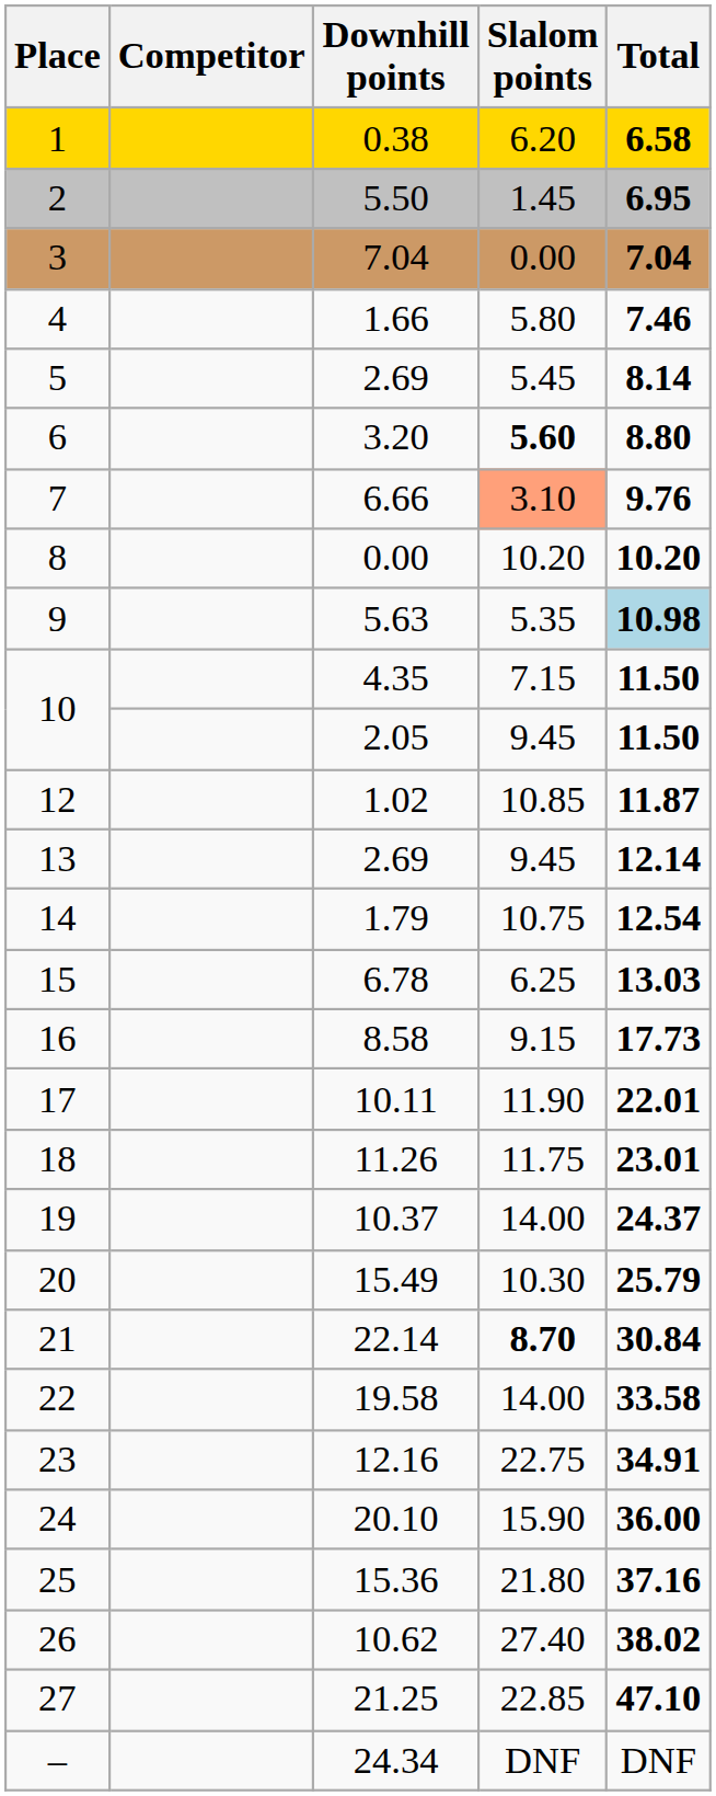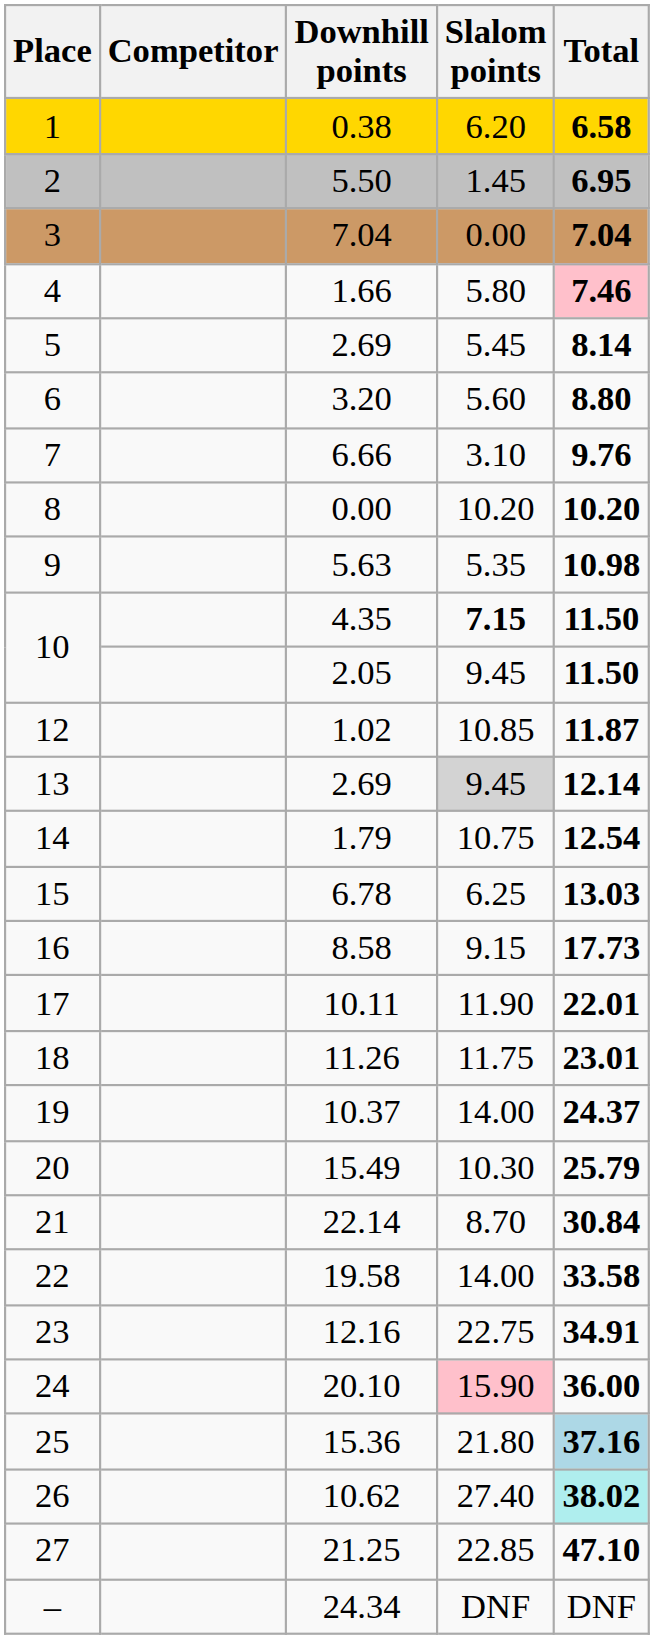 <table class=wikitable style="text-align:center">
 <tr>
 <th>Place</th>
 <th>Competitor</th>
 <th>Downhill<br>points</th>
 <th>Slalom<br>points</th>
 <th>Total</th>
 </tr>
 <tr bgcolor=gold>
 <td>1</td>
 <td align=left></td>
 <td>0.38</td>
 <td>6.20</td>
 <td><strong>6.58</strong></td>
 </tr>
 <tr bgcolor=silver>
 <td>2</td>
 <td align=left></td>
 <td>5.50</td>
 <td>1.45</td>
 <td><strong>6.95</strong></td>
 </tr>
 <tr bgcolor=cc9966>
 <td>3</td>
 <td align=left></td>
 <td>7.04</td>
 <td>0.00</td>
 <td><strong>7.04</strong></td>
 </tr>
 <tr>
 <td>4</td>
 <td align=left></td>
 <td>1.66</td>
 <td>5.80</td>
-<td><strong>7.46</strong></td>
+<td style="background: pink;"><strong>7.46</strong></td>
 </tr>
 <tr>
 <td>5</td>
 <td align=left></td>
 <td>2.69</td>
 <td>5.45</td>
 <td><strong>8.14</strong></td>
 </tr>
 <tr>
 <td>6</td>
 <td align=left></td>
 <td>3.20</td>
-<td><strong>5.60</strong></td>
+<td>5.60</td>
 <td><strong>8.80</strong></td>
 </tr>
 <tr>
 <td>7</td>
 <td align=left></td>
 <td>6.66</td>
-<td style="background: lightsalmon;">3.10</td>
+<td>3.10</td>
 <td><strong>9.76</strong></td>
 </tr>
 <tr>
 <td>8</td>
 <td align=left></td>
 <td>0.00</td>
 <td>10.20</td>
 <td><strong>10.20</strong></td>
 </tr>
 <tr>
 <td>9</td>
 <td align=left></td>
 <td>5.63</td>
 <td>5.35</td>
-<td style="background: lightblue;"><strong>10.98</strong></td>
+<td><strong>10.98</strong></td>
 </tr>
 <tr>
 <td rowspan=2>10</td>
 <td align=left></td>
 <td>4.35</td>
-<td>7.15</td>
+<td><strong>7.15</strong></td>
 <td><strong>11.50</strong></td>
 </tr>
 <tr>
 <td align=left></td>
 <td>2.05</td>
 <td>9.45</td>
 <td><strong>11.50</strong></td>
 </tr>
 <tr>
 <td>12</td>
 <td align=left></td>
 <td>1.02</td>
 <td>10.85</td>
 <td><strong>11.87</strong></td>
 </tr>
 <tr>
 <td>13</td>
 <td align=left></td>
 <td>2.69</td>
-<td>9.45</td>
+<td style="background: lightgrey;">9.45</td>
 <td><strong>12.14</strong></td>
 </tr>
 <tr>
 <td>14</td>
 <td align=left></td>
 <td>1.79</td>
 <td>10.75</td>
 <td><strong>12.54</strong></td>
 </tr>
 <tr>
 <td>15</td>
 <td align=left></td>
 <td>6.78</td>
 <td>6.25</td>
 <td><strong>13.03</strong></td>
 </tr>
 <tr>
 <td>16</td>
 <td align=left></td>
 <td>8.58</td>
 <td>9.15</td>
 <td><strong>17.73</strong></td>
 </tr>
 <tr>
 <td>17</td>
 <td align=left></td>
 <td>10.11</td>
 <td>11.90</td>
 <td><strong>22.01</strong></td>
 </tr>
 <tr>
 <td>18</td>
 <td align=left></td>
 <td>11.26</td>
 <td>11.75</td>
 <td><strong>23.01</strong></td>
 </tr>
 <tr>
 <td>19</td>
 <td align=left></td>
 <td>10.37</td>
 <td>14.00</td>
 <td><strong>24.37</strong></td>
 </tr>
 <tr>
 <td>20</td>
 <td align=left></td>
 <td>15.49</td>
 <td>10.30</td>
 <td><strong>25.79</strong></td>
 </tr>
 <tr>
 <td>21</td>
 <td align=left></td>
 <td>22.14</td>
-<td><strong>8.70</strong></td>
+<td>8.70</td>
 <td><strong>30.84</strong></td>
 </tr>
 <tr>
 <td>22</td>
 <td align=left></td>
 <td>19.58</td>
 <td>14.00</td>
 <td><strong>33.58</strong></td>
 </tr>
 <tr>
 <td>23</td>
 <td align=left></td>
 <td>12.16</td>
 <td>22.75</td>
 <td><strong>34.91</strong></td>
 </tr>
 <tr>
 <td>24</td>
 <td align=left></td>
 <td>20.10</td>
-<td>15.90</td>
+<td style="background: pink;">15.90</td>
 <td><strong>36.00</strong></td>
 </tr>
 <tr>
 <td>25</td>
 <td align=left></td>
 <td>15.36</td>
 <td>21.80</td>
-<td><strong>37.16</strong></td>
+<td style="background: lightblue;"><strong>37.16</strong></td>
 </tr>
 <tr>
 <td>26</td>
 <td align=left></td>
 <td>10.62</td>
 <td>27.40</td>
-<td><strong>38.02</strong></td>
+<td style="background: paleturquoise;"><strong>38.02</strong></td>
 </tr>
 <tr>
 <td>27</td>
 <td align=left></td>
 <td>21.25</td>
 <td>22.85</td>
 <td><strong>47.10</strong></td>
 </tr>
 <tr>
 <td>–</td>
 <td align=left></td>
 <td>24.34</td>
 <td>DNF</td>
 <td>DNF</td>
 </tr>
 </table>
